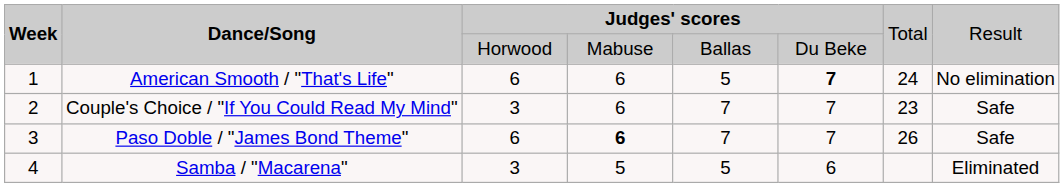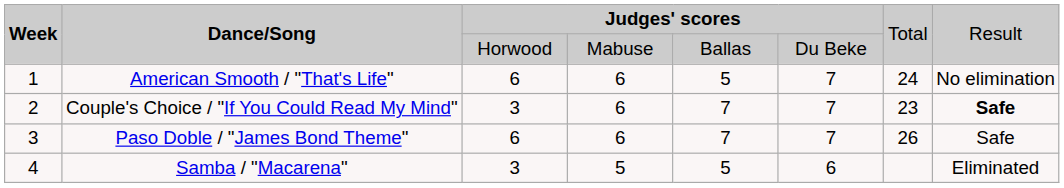 <table | class="wikitable collapsible collapsed">
 <tr style="text-align: center; background:#ccc;">
 <td rowspan="2"><strong>Week </strong></td>
 <td rowspan="2"><strong>Dance/Song</strong></td>
 <td colspan="4"><strong>Judges' scores</strong></td>
 <td rowspan="2">Total</td>
 <td rowspan="2">Result</td>
 </tr>
 <tr style="text-align: center; background:#ccc;">
 <td style="width:10%; ">Horwood</td>
 <td style="width:10%; ">Mabuse</td>
 <td style="width:10%; ">Ballas</td>
 <td style="width:10%; ">Du Beke</td>
 </tr>
 <tr style="text-align: center; background:#faf6f6;">
 <td>1</td>
 <td><a href='#'>American Smooth</a> / "<a href='#'>That's Life</a>"</td>
 <td>6</td>
 <td>6</td>
 <td>5</td>
-<td><strong>7</strong></td>
+<td>7</td>
 <td>24</td>
 <td>No elimination</td>
 </tr>
 <tr style="text-align: center; background:#faf6f6;">
 <td>2</td>
 <td>Couple's Choice / "<a href='#'>If You Could Read My Mind</a>"</td>
 <td>3</td>
 <td>6</td>
 <td>7</td>
 <td>7</td>
 <td>23</td>
-<td>Safe</td>
+<td><strong>Safe</strong></td>
 </tr>
 <tr style="text-align: center; background:#faf6f6;">
 <td>3</td>
 <td><a href='#'>Paso Doble</a> / "<a href='#'>James Bond Theme</a>"</td>
 <td>6</td>
-<td><strong>6</strong></td>
+<td>6</td>
 <td>7</td>
 <td>7</td>
 <td>26</td>
 <td>Safe</td>
 </tr>
 <tr style="text-align: center; background:#faf6f6;">
 <td>4</td>
 <td><a href='#'>Samba</a> / "<a href='#'>Macarena</a>"</td>
 <td>3</td>
 <td>5</td>
 <td>5</td>
 <td>6</td>
 <td></td>
 <td>Eliminated</td>
 </tr>
 </table>
